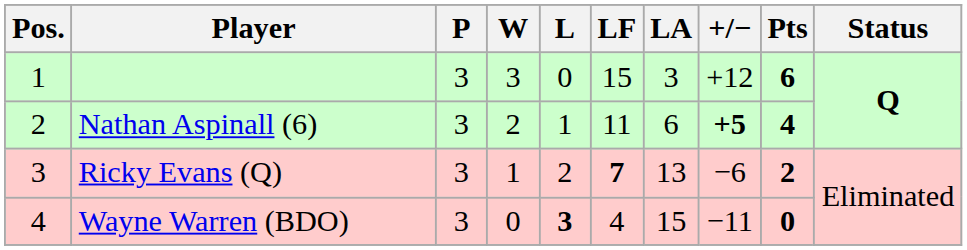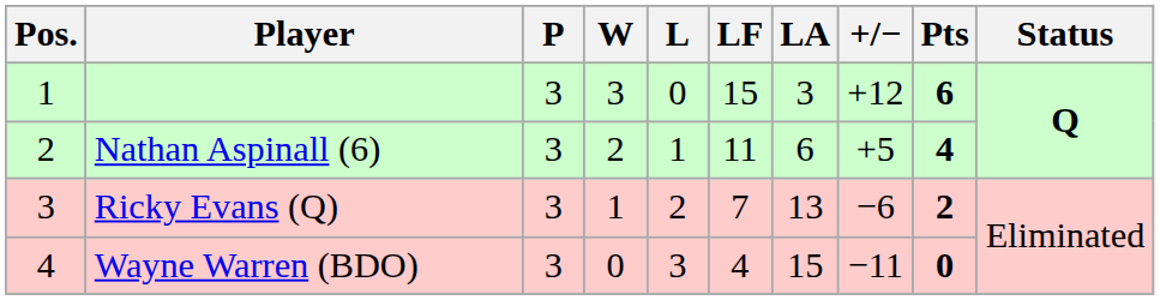 <table class="wikitable" style="text-align:center; margin: 1em auto 1em auto, align:left">
 <tr>
 <th width=20>Pos.</th>
 <th width=185>Player</th>
 <th width=20>P</th>
 <th width=20>W</th>
 <th width=20>L</th>
 <th width=20>LF</th>
 <th width=20>LA</th>
 <th width=25>+/−</th>
 <th width=20>Pts</th>
 <th width=70>Status</th>
 </tr>
 <tr style="background:#CCFFCC;">
 <td>1</td>
 <td align=left></td>
 <td>3</td>
 <td>3</td>
 <td>0</td>
 <td>15</td>
 <td>3</td>
 <td>+12</td>
 <td><strong>6</strong></td>
 <td rowspan=2><strong>Q</strong></td>
 </tr>
 <tr style="background:#CCFFCC;">
 <td>2</td>
 <td align=left> <a href='#'>Nathan Aspinall</a> (6)</td>
 <td>3</td>
 <td>2</td>
 <td>1</td>
 <td>11</td>
 <td>6</td>
-<td><strong>+5</strong></td>
+<td>+5</td>
 <td><strong>4</strong></td>
 </tr>
 <tr style="background:#FFCCCC;">
 <td>3</td>
 <td align=left> <a href='#'>Ricky Evans</a> (Q)</td>
 <td>3</td>
 <td>1</td>
 <td>2</td>
-<td><strong>7</strong></td>
+<td>7</td>
 <td>13</td>
 <td>−6</td>
 <td><strong>2</strong></td>
 <td rowspan=2>Eliminated</td>
 </tr>
 <tr style="background:#FFCCCC;">
 <td>4</td>
 <td align=left> <a href='#'>Wayne Warren</a> (BDO)</td>
 <td>3</td>
 <td>0</td>
-<td><strong>3</strong></td>
+<td>3</td>
 <td>4</td>
 <td>15</td>
 <td>−11</td>
 <td><strong>0</strong></td>
 </tr>
 </table>
